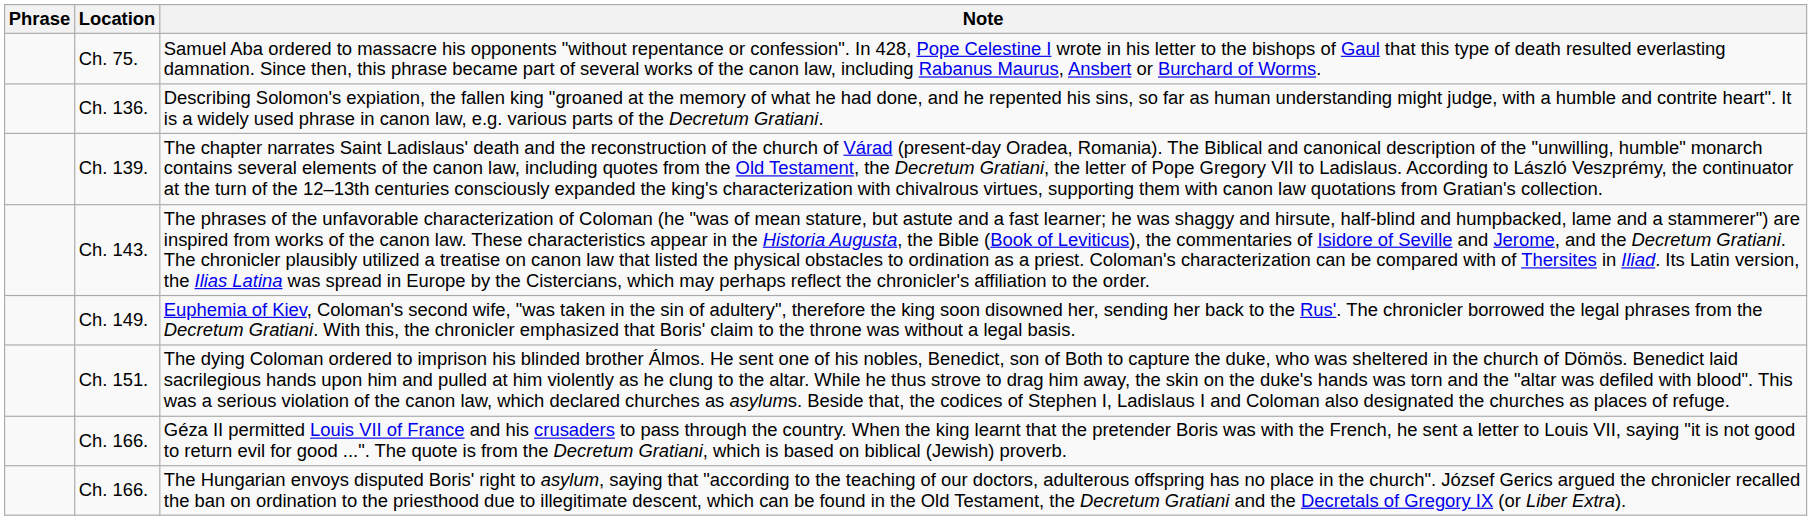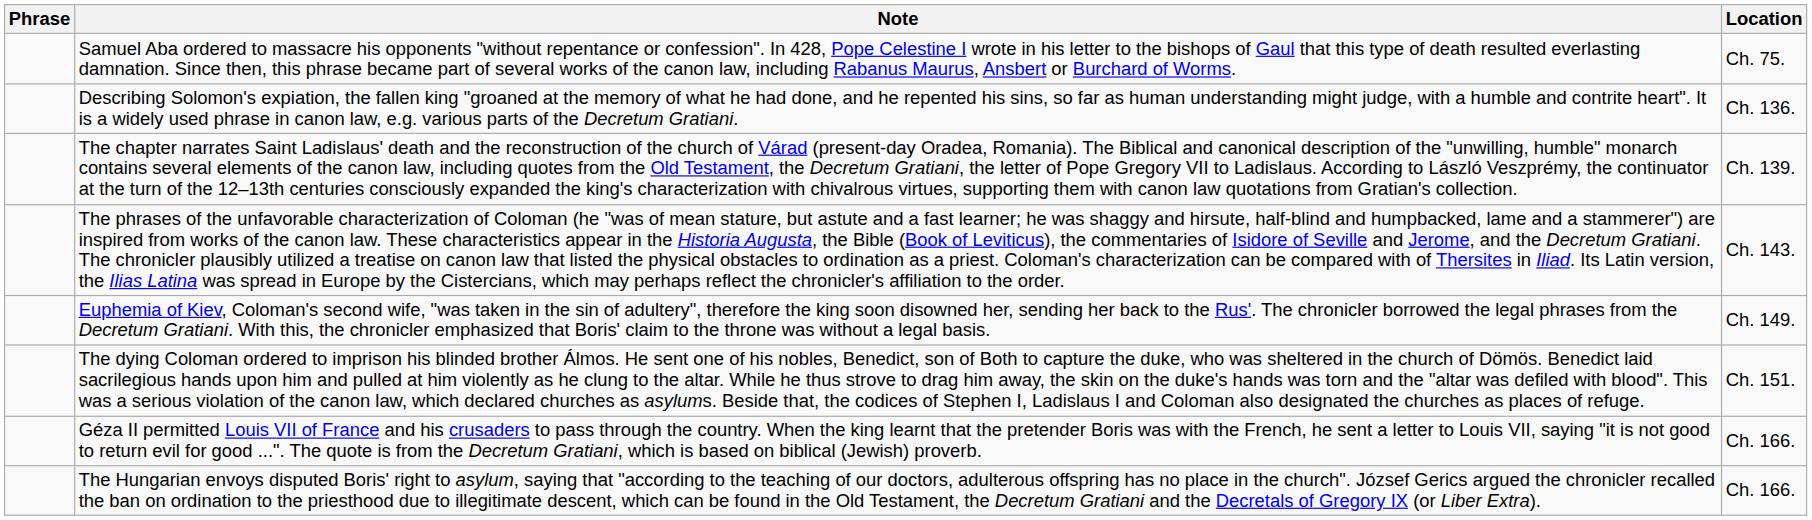 <table class="wikitable">
 <tr>
 <th>Phrase</th>
+<th>Note</th>
 <th>Location</th>
-<th>Note</th>
 </tr>
 <tr>
 <td><br></td>
+<td>Samuel Aba ordered to massacre his opponents "without repentance or confession". In 428, <a href='#'>Pope Celestine I</a> wrote in his letter to the bishops of <a href='#'>Gaul</a> that this type of death resulted everlasting damnation. Since then, this phrase became part of several works of the canon law, including <a href='#'>Rabanus Maurus</a>, <a href='#'>Ansbert</a> or <a href='#'>Burchard of Worms</a>.</td>
 <td>Ch. 75.</td>
-<td>Samuel Aba ordered to massacre his opponents "without repentance or confession". In 428, <a href='#'>Pope Celestine I</a> wrote in his letter to the bishops of <a href='#'>Gaul</a> that this type of death resulted everlasting damnation. Since then, this phrase became part of several works of the canon law, including <a href='#'>Rabanus Maurus</a>, <a href='#'>Ansbert</a> or <a href='#'>Burchard of Worms</a>.</td>
 </tr>
 <tr>
 <td><br></td>
+<td>Describing Solomon's expiation, the fallen king "groaned at the memory of what he had done, and he repented his sins, so far as human understanding might judge, with a humble and contrite heart". It is a widely used phrase in canon law, e.g. various parts of the <em>Decretum Gratiani</em>.</td>
 <td>Ch. 136.</td>
-<td>Describing Solomon's expiation, the fallen king "groaned at the memory of what he had done, and he repented his sins, so far as human understanding might judge, with a humble and contrite heart". It is a widely used phrase in canon law, e.g. various parts of the <em>Decretum Gratiani</em>.</td>
 </tr>
 <tr>
 <td><br><br><br></td>
+<td>The chapter narrates Saint Ladislaus' death and the reconstruction of the church of <a href='#'>Várad</a> (present-day Oradea, Romania). The Biblical and canonical description of the "unwilling, humble" monarch contains several elements of the canon law, including quotes from the <a href='#'>Old Testament</a>, the <em>Decretum Gratiani</em>, the letter of Pope Gregory VII to Ladislaus. According to László Veszprémy, the continuator at the turn of the 12–13th centuries consciously expanded the king's characterization with chivalrous virtues, supporting them with canon law quotations from Gratian's collection.</td>
 <td>Ch. 139.</td>
-<td>The chapter narrates Saint Ladislaus' death and the reconstruction of the church of <a href='#'>Várad</a> (present-day Oradea, Romania). The Biblical and canonical description of the "unwilling, humble" monarch contains several elements of the canon law, including quotes from the <a href='#'>Old Testament</a>, the <em>Decretum Gratiani</em>, the letter of Pope Gregory VII to Ladislaus. According to László Veszprémy, the continuator at the turn of the 12–13th centuries consciously expanded the king's characterization with chivalrous virtues, supporting them with canon law quotations from Gratian's collection.</td>
 </tr>
 <tr>
 <td><br></td>
+<td>The phrases of the unfavorable characterization of Coloman (he "was of mean stature, but astute and a fast learner; he was shaggy and hirsute, half-blind and humpbacked, lame and a stammerer") are inspired from works of the canon law. These characteristics appear in the <em><a href='#'>Historia Augusta</a></em>, the Bible (<a href='#'>Book of Leviticus</a>), the commentaries of <a href='#'>Isidore of Seville</a> and <a href='#'>Jerome</a>, and the <em>Decretum Gratiani</em>. The chronicler plausibly utilized a treatise on canon law that listed the physical obstacles to ordination as a priest. Coloman's characterization can be compared with of <a href='#'>Thersites</a> in <em><a href='#'>Iliad</a></em>. Its Latin version, the <em><a href='#'>Ilias Latina</a></em> was spread in Europe by the Cistercians, which may perhaps reflect the chronicler's affiliation to the order.</td>
 <td>Ch. 143.</td>
-<td>The phrases of the unfavorable characterization of Coloman (he "was of mean stature, but astute and a fast learner; he was shaggy and hirsute, half-blind and humpbacked, lame and a stammerer") are inspired from works of the canon law. These characteristics appear in the <em><a href='#'>Historia Augusta</a></em>, the Bible (<a href='#'>Book of Leviticus</a>), the commentaries of <a href='#'>Isidore of Seville</a> and <a href='#'>Jerome</a>, and the <em>Decretum Gratiani</em>. The chronicler plausibly utilized a treatise on canon law that listed the physical obstacles to ordination as a priest. Coloman's characterization can be compared with of <a href='#'>Thersites</a> in <em><a href='#'>Iliad</a></em>. Its Latin version, the <em><a href='#'>Ilias Latina</a></em> was spread in Europe by the Cistercians, which may perhaps reflect the chronicler's affiliation to the order.</td>
 </tr>
 <tr>
 <td><br></td>
+<td><a href='#'>Euphemia of Kiev</a>, Coloman's second wife, "was taken in the sin of adultery", therefore the king soon disowned her, sending her back to the <a href='#'>Rus'</a>. The chronicler borrowed the legal phrases from the <em>Decretum Gratiani</em>. With this, the chronicler emphasized that Boris' claim to the throne was without a legal basis.</td>
 <td>Ch. 149.</td>
-<td><a href='#'>Euphemia of Kiev</a>, Coloman's second wife, "was taken in the sin of adultery", therefore the king soon disowned her, sending her back to the <a href='#'>Rus'</a>. The chronicler borrowed the legal phrases from the <em>Decretum Gratiani</em>. With this, the chronicler emphasized that Boris' claim to the throne was without a legal basis.</td>
 </tr>
 <tr>
 <td></td>
+<td>The dying Coloman ordered to imprison his blinded brother Álmos. He sent one of his nobles, Benedict, son of Both to capture the duke, who was sheltered in the church of Dömös. Benedict laid sacrilegious hands upon him and pulled at him violently as he clung to the altar. While he thus strove to drag him away, the skin on the duke's hands was torn and the "altar was defiled with blood". This was a serious violation of the canon law, which declared churches as <em>asylum</em>s. Beside that, the codices of Stephen I, Ladislaus I and Coloman also designated the churches as places of refuge.</td>
 <td>Ch. 151.</td>
-<td>The dying Coloman ordered to imprison his blinded brother Álmos. He sent one of his nobles, Benedict, son of Both to capture the duke, who was sheltered in the church of Dömös. Benedict laid sacrilegious hands upon him and pulled at him violently as he clung to the altar. While he thus strove to drag him away, the skin on the duke's hands was torn and the "altar was defiled with blood". This was a serious violation of the canon law, which declared churches as <em>asylum</em>s. Beside that, the codices of Stephen I, Ladislaus I and Coloman also designated the churches as places of refuge.</td>
 </tr>
 <tr>
 <td></td>
+<td>Géza II permitted <a href='#'>Louis VII of France</a> and his <a href='#'>crusaders</a> to pass through the country. When the king learnt that the pretender Boris was with the French, he sent a letter to Louis VII, saying "it is not good to return evil for good ...". The quote is from the <em>Decretum Gratiani</em>, which is based on biblical (Jewish) proverb.</td>
 <td>Ch. 166.</td>
-<td>Géza II permitted <a href='#'>Louis VII of France</a> and his <a href='#'>crusaders</a> to pass through the country. When the king learnt that the pretender Boris was with the French, he sent a letter to Louis VII, saying "it is not good to return evil for good ...". The quote is from the <em>Decretum Gratiani</em>, which is based on biblical (Jewish) proverb.</td>
 </tr>
 <tr>
 <td></td>
+<td>The Hungarian envoys disputed Boris' right to <em>asylum</em>, saying that "according to the teaching of our doctors, adulterous offspring has no place in the church". József Gerics argued the chronicler recalled the ban on ordination to the priesthood due to illegitimate descent, which can be found in the Old Testament, the <em>Decretum Gratiani</em> and the <a href='#'>Decretals of Gregory IX</a> (or <em>Liber Extra</em>).</td>
 <td>Ch. 166.</td>
-<td>The Hungarian envoys disputed Boris' right to <em>asylum</em>, saying that "according to the teaching of our doctors, adulterous offspring has no place in the church". József Gerics argued the chronicler recalled the ban on ordination to the priesthood due to illegitimate descent, which can be found in the Old Testament, the <em>Decretum Gratiani</em> and the <a href='#'>Decretals of Gregory IX</a> (or <em>Liber Extra</em>).</td>
 </tr>
 </table>
